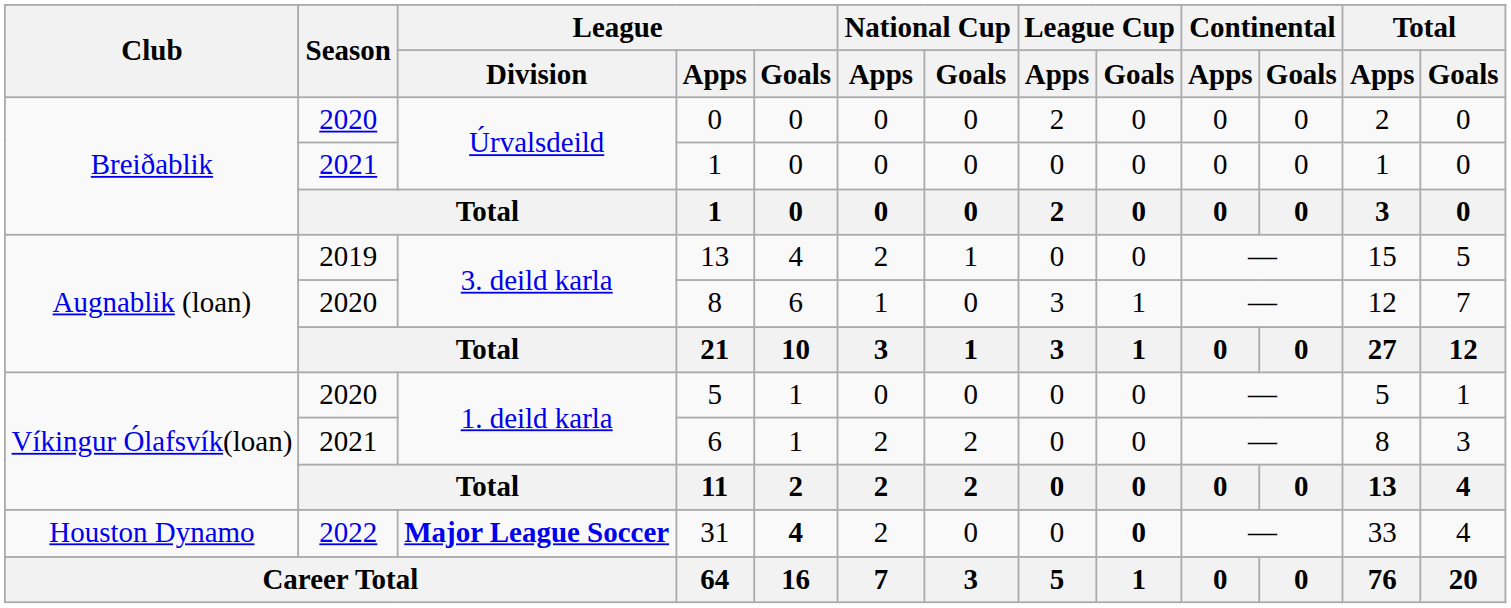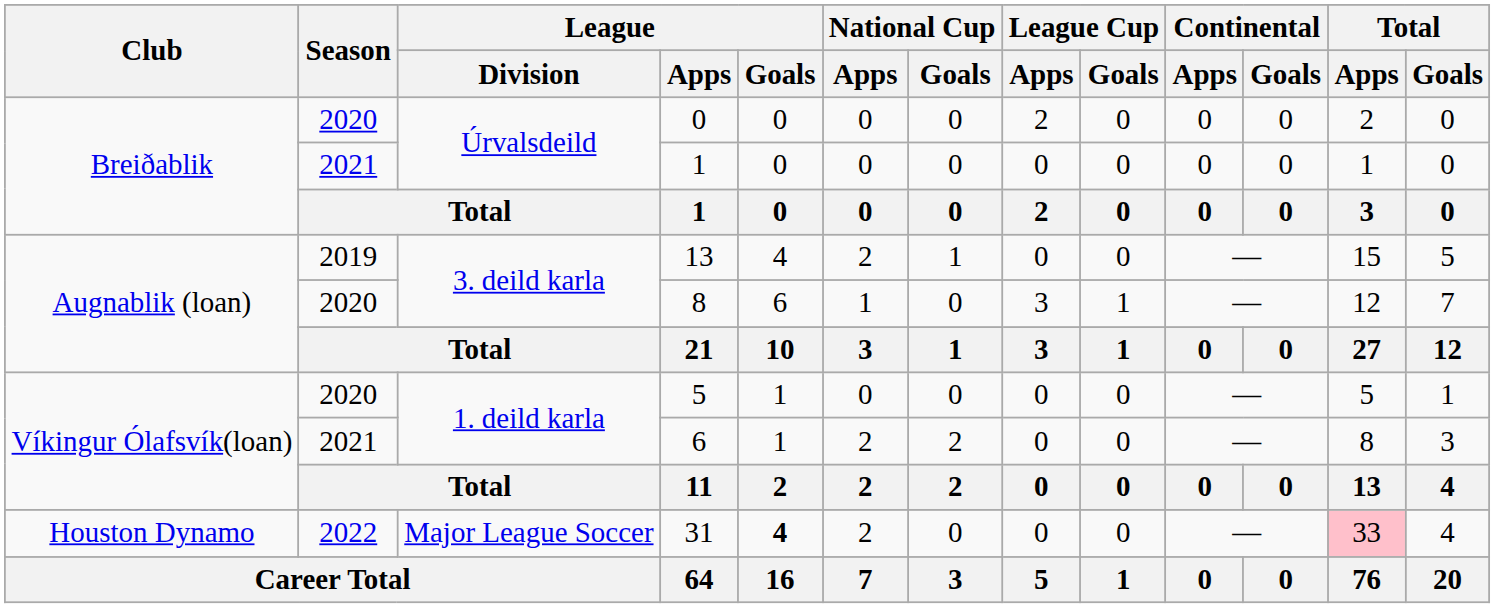 <table class="wikitable" style="text-align:center">
 <tr>
 <th rowspan="2">Club</th>
 <th rowspan="2">Season</th>
 <th colspan="3">League</th>
 <th colspan="2">National Cup</th>
 <th colspan="2">League Cup</th>
 <th colspan="2">Continental</th>
 <th colspan="2">Total</th>
 </tr>
 <tr>
 <th>Division</th>
 <th>Apps</th>
 <th>Goals</th>
 <th>Apps</th>
 <th>Goals</th>
 <th>Apps</th>
 <th>Goals</th>
 <th>Apps</th>
 <th>Goals</th>
 <th>Apps</th>
 <th>Goals</th>
 </tr>
 <tr>
 <td rowspan="3"><a href='#'>Breiðablik</a></td>
 <td><a href='#'>2020</a></td>
 <td rowspan="2"><a href='#'>Úrvalsdeild</a></td>
 <td>0</td>
 <td>0</td>
 <td>0</td>
 <td>0</td>
 <td>2</td>
 <td>0</td>
 <td>0</td>
 <td>0</td>
 <td>2</td>
 <td>0</td>
 </tr>
 <tr>
 <td><a href='#'>2021</a></td>
 <td>1</td>
 <td>0</td>
 <td>0</td>
 <td>0</td>
 <td>0</td>
 <td>0</td>
 <td>0</td>
 <td>0</td>
 <td>1</td>
 <td>0</td>
 </tr>
 <tr>
 <th colspan="2">Total</th>
 <th>1</th>
 <th>0</th>
 <th>0</th>
 <th>0</th>
 <th>2</th>
 <th>0</th>
 <th>0</th>
 <th>0</th>
 <th>3</th>
 <th>0</th>
 </tr>
 <tr>
 <td rowspan="3"><a href='#'>Augnablik</a> (loan)</td>
 <td>2019</td>
 <td rowspan="2"><a href='#'>3. deild karla</a></td>
 <td>13</td>
 <td>4</td>
 <td>2</td>
 <td>1</td>
 <td>0</td>
 <td>0</td>
 <td colspan="2">—</td>
 <td>15</td>
 <td>5</td>
 </tr>
 <tr>
 <td>2020</td>
 <td>8</td>
 <td>6</td>
 <td>1</td>
 <td>0</td>
 <td>3</td>
 <td>1</td>
 <td colspan="2">—</td>
 <td>12</td>
 <td>7</td>
 </tr>
 <tr>
 <th colspan="2">Total</th>
 <th>21</th>
 <th>10</th>
 <th>3</th>
 <th>1</th>
 <th>3</th>
 <th>1</th>
 <th>0</th>
 <th>0</th>
 <th>27</th>
 <th>12</th>
 </tr>
 <tr>
 <td rowspan="3"><a href='#'>Víkingur Ólafsvík</a>(loan)</td>
 <td>2020</td>
 <td rowspan="2"><a href='#'>1. deild karla</a></td>
 <td>5</td>
 <td>1</td>
 <td>0</td>
 <td>0</td>
 <td>0</td>
 <td>0</td>
 <td colspan="2">—</td>
 <td>5</td>
 <td>1</td>
 </tr>
 <tr>
 <td>2021</td>
 <td>6</td>
 <td>1</td>
 <td>2</td>
 <td>2</td>
 <td>0</td>
 <td>0</td>
 <td colspan="2">—</td>
 <td>8</td>
 <td>3</td>
 </tr>
 <tr>
 <th colspan="2">Total</th>
 <th>11</th>
 <th>2</th>
 <th>2</th>
 <th>2</th>
 <th>0</th>
 <th>0</th>
 <th>0</th>
 <th>0</th>
 <th>13</th>
 <th>4</th>
 </tr>
 <tr>
 <td><a href='#'>Houston Dynamo</a></td>
 <td><a href='#'>2022</a></td>
-<td><strong><a href='#'>Major League Soccer</a></strong></td>
+<td><a href='#'>Major League Soccer</a></td>
 <td>31</td>
 <td><strong>4</strong></td>
 <td>2</td>
 <td>0</td>
 <td>0</td>
-<td><strong>0</strong></td>
+<td>0</td>
 <td colspan="2">—</td>
-<td>33</td>
+<td style="background: pink;">33</td>
 <td>4</td>
 </tr>
 <tr>
 <th colspan="3">Career Total</th>
 <th>64</th>
 <th>16</th>
 <th>7</th>
 <th>3</th>
 <th>5</th>
 <th>1</th>
 <th>0</th>
 <th>0</th>
 <th>76</th>
 <th>20</th>
 </tr>
 </table>
